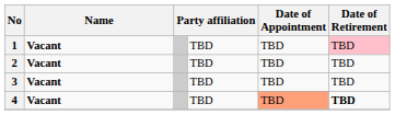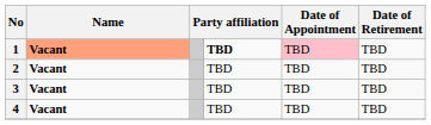 <table class="wikitable sortable">
 <tr>
 <th>No</th>
 <th style="width:200px">Name</th>
 <th colspan="2">Party affiliation</th>
 <th>Date of <br>Appointment</th>
 <th>Date of <br>Retirement</th>
 </tr>
 <tr>
 <th>1</th>
-<td><strong>Vacant</strong></td>
+<td style="background: lightsalmon;"><strong>Vacant</strong></td>
 <td bgcolor=#cccccc></td>
+<td><strong>TBD</strong></td>
+<td style="background: pink;">TBD</td>
 <td>TBD</td>
-<td>TBD</td>
-<td style="background: pink;">TBD</td>
 </tr>
 <tr>
 <th>2</th>
 <td><strong>Vacant</strong></td>
 <td bgcolor=#cccccc></td>
 <td>TBD</td>
 <td>TBD</td>
 <td>TBD</td>
 </tr>
 <tr>
 <th>3</th>
 <td><strong>Vacant</strong></td>
 <td bgcolor=#cccccc></td>
 <td>TBD</td>
 <td>TBD</td>
 <td>TBD</td>
 </tr>
 <tr>
 <th>4</th>
 <td><strong>Vacant</strong></td>
 <td bgcolor=#cccccc></td>
 <td>TBD</td>
-<td style="background: lightsalmon;">TBD</td>
-<td><strong>TBD</strong></td>
+<td>TBD</td>
+<td>TBD</td>
 </tr>
 <tr>
 </tr>
 </table>
